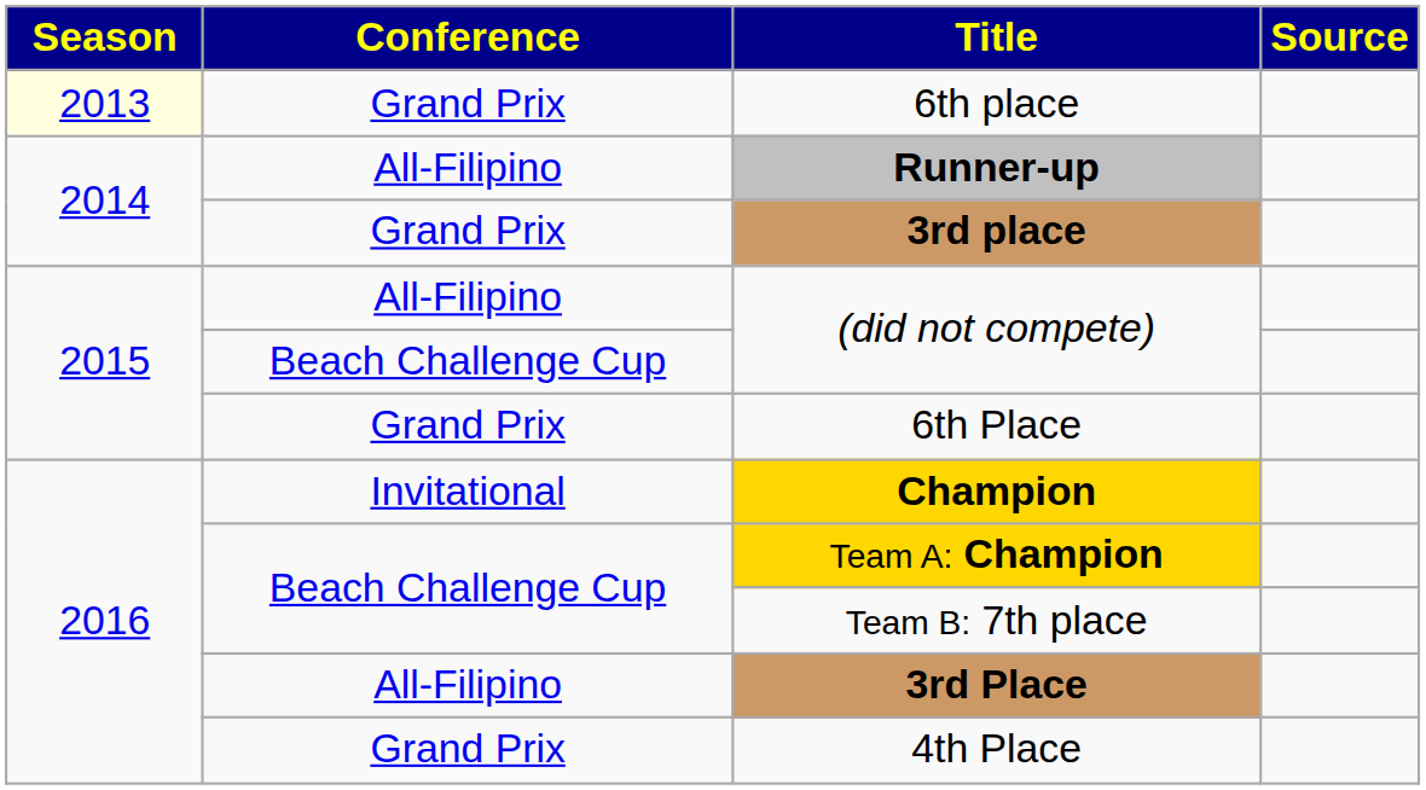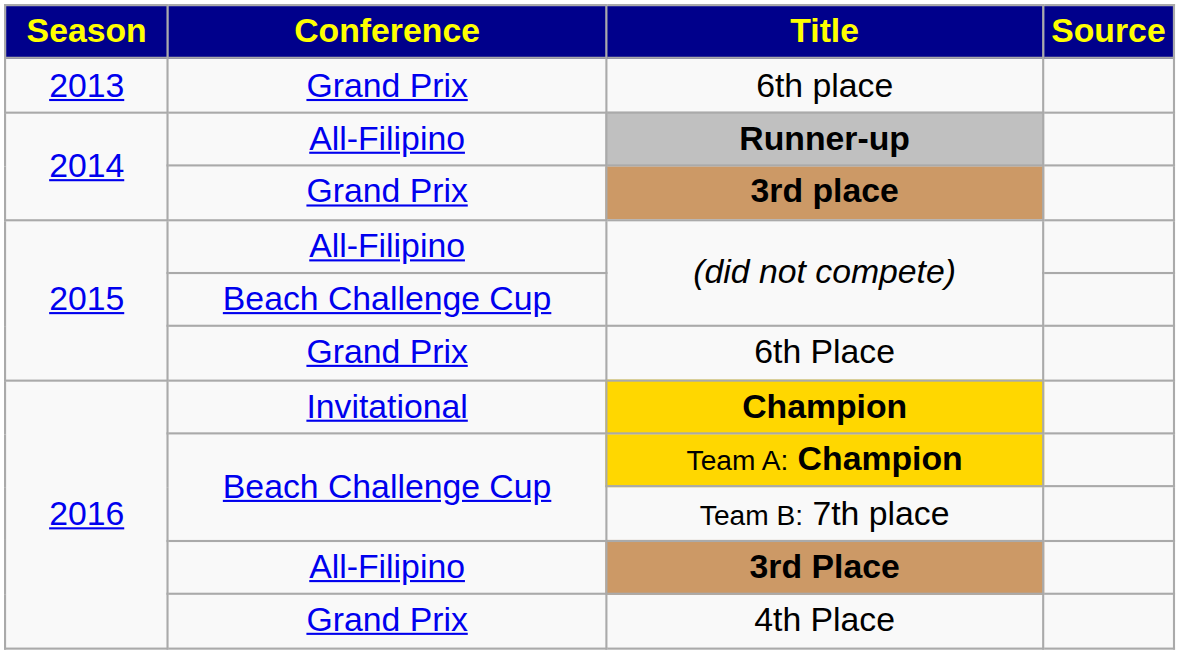 <table class="wikitable">
 <tr>
 <th width=70px style="background:#00008B; color:yellow; text-align: center">Season</th>
 <th width=200px style="background:#00008B; color:yellow;">Conference</th>
 <th width=200px style="background:#00008B; color:yellow;">Title</th>
 <th width=50px style="background:#00008B; color:yellow;">Source</th>
 </tr>
 <tr align=center>
-<td style="background: lightyellow;"><a href='#'>2013</a></td>
+<td><a href='#'>2013</a></td>
 <td><a href='#'>Grand Prix</a></td>
 <td>6th place</td>
 <td></td>
 </tr>
 <tr align=center>
 <td rowspan=2><a href='#'>2014</a></td>
 <td><a href='#'>All-Filipino</a></td>
 <td style="background:silver;"><strong>Runner-up</strong></td>
 <td></td>
 </tr>
 <tr align=center>
 <td><a href='#'>Grand Prix</a></td>
 <td style="background:#c96;"><strong>3rd place</strong></td>
 <td></td>
 </tr>
 <tr align=center>
 <td rowspan=3><a href='#'>2015</a></td>
 <td><a href='#'>All-Filipino</a></td>
 <td rowspan=2><em>(did not compete)</em></td>
 <td></td>
 </tr>
 <tr align=center>
 <td><a href='#'>Beach Challenge Cup</a></td>
 <td></td>
 </tr>
 <tr align=center>
 <td><a href='#'>Grand Prix</a></td>
 <td>6th Place</td>
 <td></td>
 </tr>
 <tr align=center>
 <td rowspan=5><a href='#'>2016</a></td>
 <td><a href='#'>Invitational</a></td>
 <td style="background:gold;"><strong>Champion</strong></td>
 <td></td>
 </tr>
 <tr align=center>
 <td rowspan=2><a href='#'>Beach Challenge Cup</a></td>
 <td style="background:gold;"><small>Team A:</small> <strong>Champion</strong></td>
 <td></td>
 </tr>
 <tr align=center>
 <td><small>Team B:</small> 7th place</td>
 <td></td>
 </tr>
 <tr align=center>
 <td><a href='#'>All-Filipino</a></td>
 <td style="background:#c96;"><strong>3rd Place</strong></td>
 <td></td>
 </tr>
 <tr align=center>
 <td><a href='#'>Grand Prix</a></td>
 <td>4th Place</td>
 <td></td>
 </tr>
 </table>
